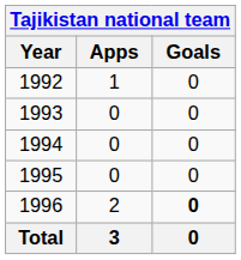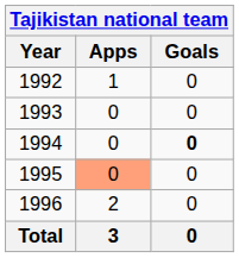 <table class="wikitable" style="text-align:center">
 <tr>
 <th colspan=3><a href='#'>Tajikistan national team</a></th>
 </tr>
 <tr>
 <th>Year</th>
 <th>Apps</th>
 <th>Goals</th>
 </tr>
 <tr>
 <td>1992</td>
 <td>1</td>
 <td>0</td>
 </tr>
 <tr>
 <td>1993</td>
 <td>0</td>
 <td>0</td>
 </tr>
 <tr>
 <td>1994</td>
 <td>0</td>
-<td>0</td>
+<td><strong>0</strong></td>
 </tr>
 <tr>
 <td>1995</td>
-<td>0</td>
+<td style="background: lightsalmon;">0</td>
 <td>0</td>
 </tr>
 <tr>
 <td>1996</td>
 <td>2</td>
-<td><strong>0</strong></td>
+<td>0</td>
 </tr>
 <tr>
 <th>Total</th>
 <th>3</th>
 <th>0</th>
 </tr>
 </table>
